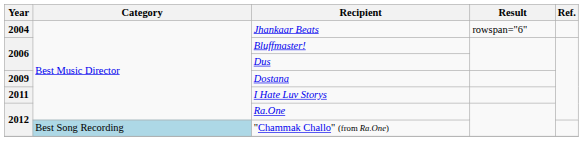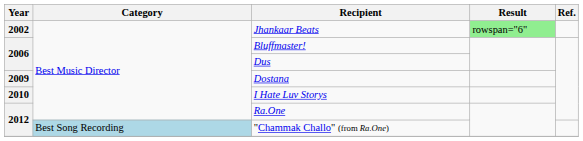 <table class="wikitable plainrowheaders" width="100%" "textcolor:#000;">
 <tr>
 <th scope="col" width=5%><strong>Year</strong></th>
 <th scope="col" width=39%><strong>Category</strong></th>
 <th scope="col" width=39%><strong>Recipient</strong></th>
 <th scope="col" width=15%><strong>Result</strong></th>
 <th scope="col" width=2%><strong>Ref.</strong></th>
 </tr>
 <tr>
-<th scope="row">2004</th>
+<th scope="row">2002</th>
 <td rowspan="6"><a href='#'>Best Music Director</a></td>
 <td><em><a href='#'>Jhankaar Beats</a></em></td>
-<td>rowspan="6" </td>
+<td style="background: lightgreen;">rowspan="6" </td>
 <td></td>
 </tr>
 <tr>
 <th scope="row" rowspan="2">2006</th>
 <td><em><a href='#'>Bluffmaster!</a></em></td>
 <td rowspan="2"></td>
 </tr>
 <tr>
 <td><em><a href='#'>Dus</a></em></td>
 </tr>
 <tr>
 <th scope="row">2009</th>
 <td><em><a href='#'>Dostana</a></em></td>
 <td></td>
 </tr>
 <tr>
-<th scope="row">2011</th>
+<th scope="row">2010</th>
 <td><em><a href='#'>I Hate Luv Storys</a></em></td>
 <td></td>
 </tr>
 <tr>
 <th scope="row" rowspan="2">2012</th>
 <td><em><a href='#'>Ra.One</a></em></td>
 <td rowspan="2"></td>
 </tr>
 <tr>
 <td style="background: lightblue;">Best Song Recording</td>
 <td>"<a href='#'>Chammak Challo</a>" <small>(from <em>Ra.One</em>)</small></td>
 <td></td>
 </tr>
 <tr>
 </tr>
 </table>
